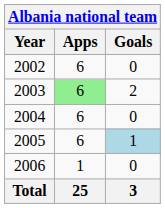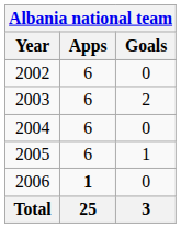 <table class="wikitable" style="text-align:center">
 <tr>
 <th colspan="3"><a href='#'>Albania national team</a></th>
 </tr>
 <tr>
 <th>Year</th>
 <th>Apps</th>
 <th>Goals</th>
 </tr>
 <tr>
 </tr>
 <tr>
 <td>2002</td>
 <td>6</td>
 <td>0</td>
 </tr>
 <tr>
 <td>2003</td>
-<td style="background: lightgreen;">6</td>
+<td>6</td>
 <td>2</td>
 </tr>
 <tr>
 <td>2004</td>
 <td>6</td>
 <td>0</td>
 </tr>
 <tr>
 <td>2005</td>
 <td>6</td>
-<td style="background: lightblue;">1</td>
+<td>1</td>
 </tr>
 <tr>
 <td>2006</td>
-<td>1</td>
+<td><strong>1</strong></td>
 <td>0</td>
 </tr>
 <tr>
 <th>Total</th>
 <th>25</th>
 <th>3</th>
 </tr>
 </table>
